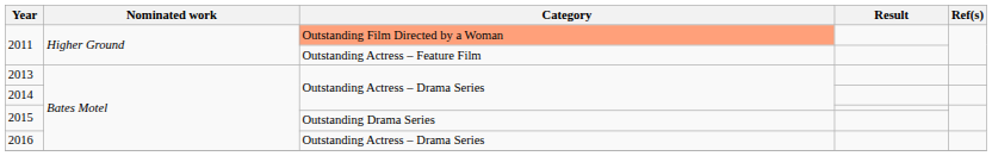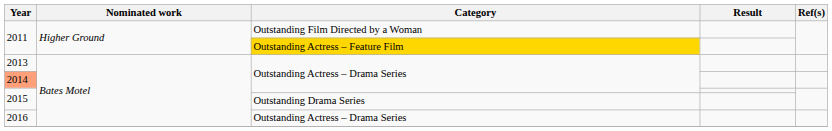 <table class="wikitable">
 <tr>
 <th width=4%>Year</th>
 <th width=27%>Nominated work</th>
 <th width=57%>Category</th>
 <th width=12%>Result</th>
 <th width=4%>Ref(s)</th>
 </tr>
 <tr>
 <td rowspan="2">2011</td>
 <td rowspan="2"><em>Higher Ground</em></td>
-<td style="background: lightsalmon;">Outstanding Film Directed by a Woman</td>
+<td>Outstanding Film Directed by a Woman</td>
 <td></td>
 <td rowspan="2"></td>
 </tr>
 <tr>
-<td>Outstanding Actress – Feature Film</td>
+<td style="background: gold;">Outstanding Actress – Feature Film</td>
 <td></td>
 </tr>
 <tr>
 <td>2013</td>
 <td rowspan="5"><em>Bates Motel</em></td>
 <td rowspan="3">Outstanding Actress – Drama Series</td>
 <td></td>
 <td></td>
 </tr>
 <tr>
-<td>2014</td>
+<td style="background: lightsalmon;">2014</td>
 <td></td>
 <td></td>
 </tr>
 <tr>
 <td rowspan="2">2015</td>
 <td></td>
 <td rowspan="2"></td>
 </tr>
 <tr>
 <td>Outstanding Drama Series</td>
 <td></td>
 </tr>
 <tr>
 <td>2016</td>
 <td>Outstanding Actress – Drama Series</td>
 <td></td>
 <td></td>
 </tr>
 <tr>
 </tr>
 </table>
